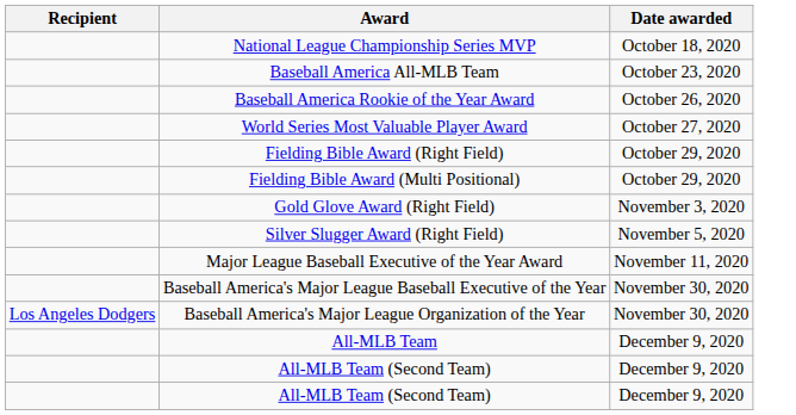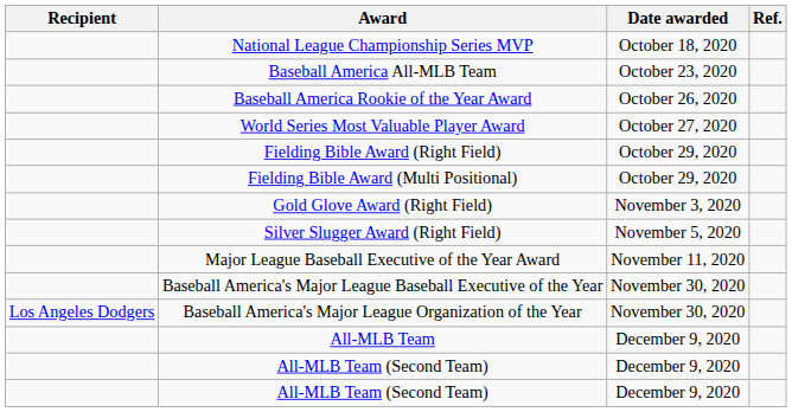 <table class="wikitable sortable collapsible" style="text-align:center">
 <tr>
 <th>Recipient</th>
 <th>Award</th>
 <th>Date awarded</th>
+<th>Ref.</th>
 </tr>
 <tr>
 <td></td>
 <td><a href='#'>National League Championship Series MVP</a></td>
 <td>October 18, 2020</td>
+<td></td>
 </tr>
 <tr>
 <td></td>
 <td><a href='#'>Baseball America</a> All-MLB Team</td>
 <td>October 23, 2020</td>
+<td></td>
 </tr>
 <tr>
 <td></td>
 <td><a href='#'>Baseball America Rookie of the Year Award</a></td>
 <td>October 26, 2020</td>
+<td></td>
 </tr>
 <tr>
 <td></td>
 <td><a href='#'>World Series Most Valuable Player Award</a></td>
 <td>October 27, 2020</td>
+<td></td>
 </tr>
 <tr>
 <td></td>
 <td><a href='#'>Fielding Bible Award</a> (Right Field)</td>
 <td>October 29, 2020</td>
+<td></td>
 </tr>
 <tr>
 <td></td>
 <td><a href='#'>Fielding Bible Award</a> (Multi Positional)</td>
 <td>October 29, 2020</td>
+<td></td>
 </tr>
 <tr>
 <td></td>
 <td><a href='#'>Gold Glove Award</a> (Right Field)</td>
 <td>November 3, 2020</td>
+<td></td>
 </tr>
 <tr>
 <td></td>
 <td><a href='#'>Silver Slugger Award</a> (Right Field)</td>
 <td>November 5, 2020</td>
+<td></td>
 </tr>
 <tr>
 <td></td>
 <td>Major League Baseball Executive of the Year Award</td>
 <td>November 11, 2020</td>
+<td></td>
 </tr>
 <tr>
 <td></td>
 <td>Baseball America's Major League Baseball Executive of the Year</td>
 <td>November 30, 2020</td>
+<td></td>
 </tr>
 <tr>
 <td><a href='#'>Los Angeles Dodgers</a></td>
 <td>Baseball America's Major League Organization of the Year</td>
 <td>November 30, 2020</td>
+<td></td>
 </tr>
 <tr>
 <td></td>
 <td><a href='#'>All-MLB Team</a></td>
 <td>December 9, 2020</td>
+<td></td>
 </tr>
 <tr>
 <td></td>
 <td><a href='#'>All-MLB Team</a> (Second Team)</td>
 <td>December 9, 2020</td>
+<td></td>
 </tr>
 <tr>
 <td></td>
 <td><a href='#'>All-MLB Team</a> (Second Team)</td>
 <td>December 9, 2020</td>
+<td></td>
 </tr>
 </table>
